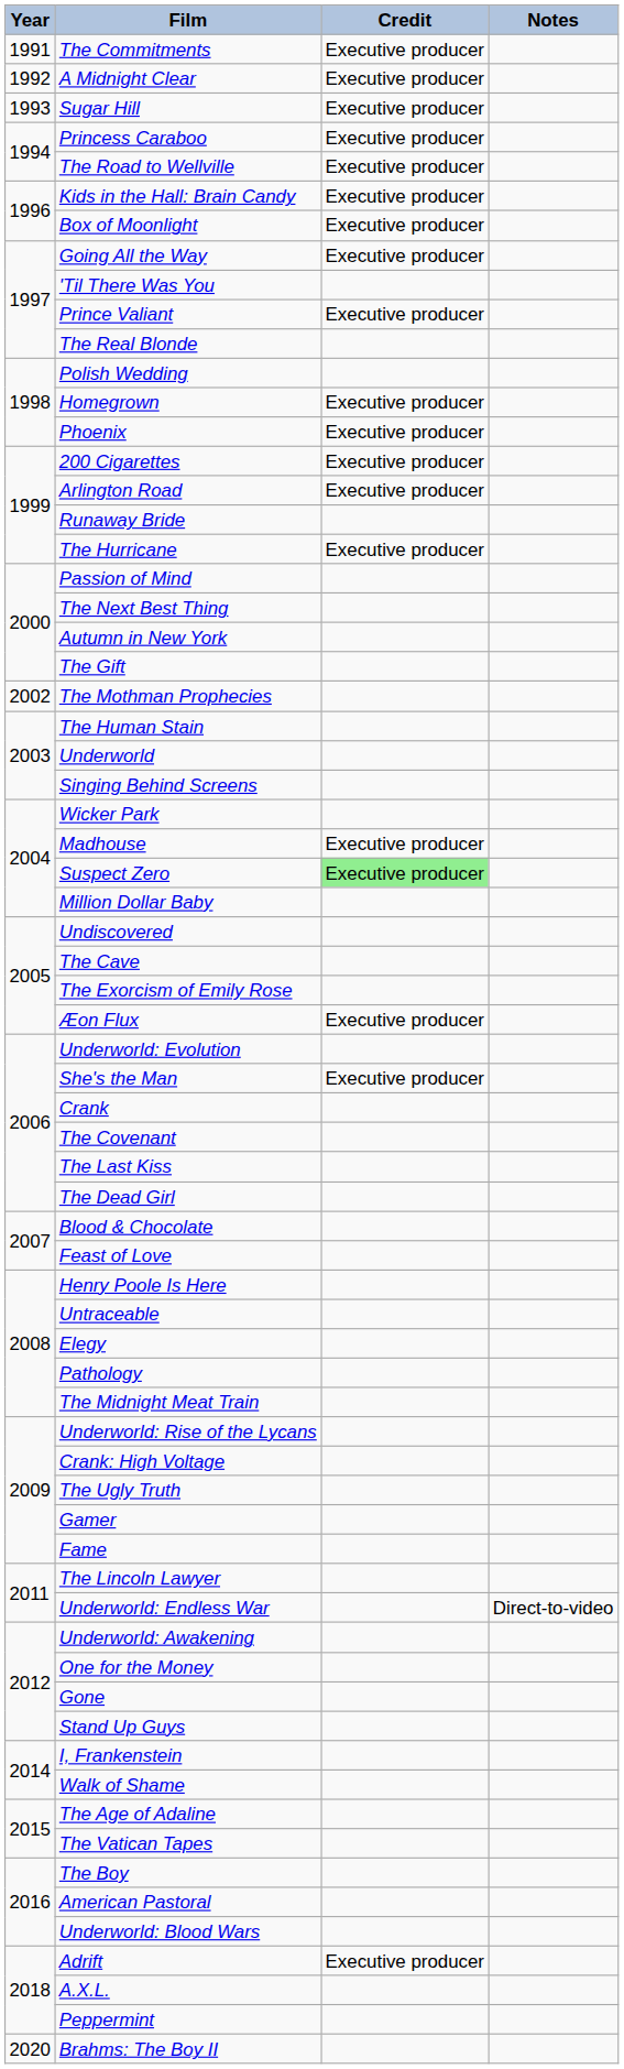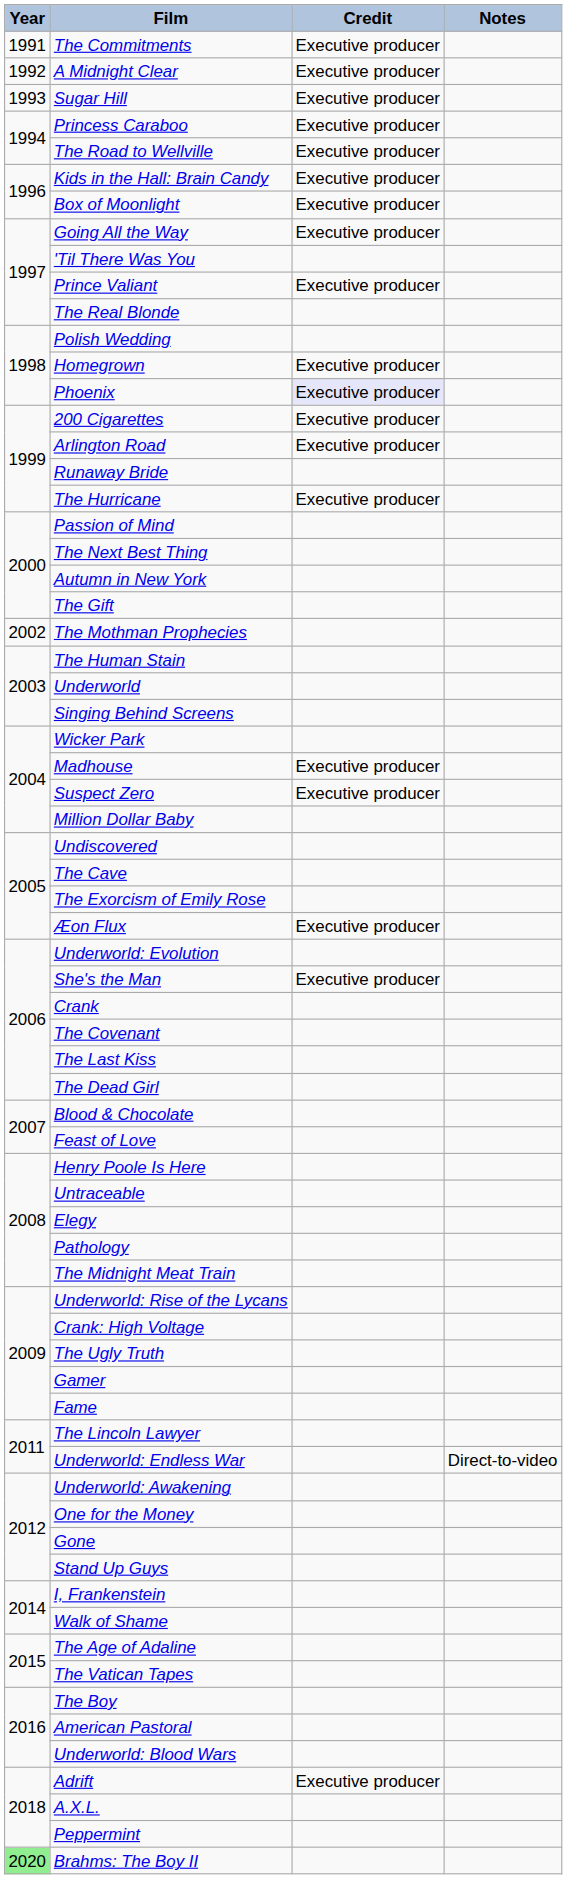 <table class="wikitable" style="font-size:95%;">
 <tr>
 <th style="background:#B0C4DE;">Year</th>
 <th style="background:#B0C4DE;">Film</th>
 <th style="background:#B0C4DE;">Credit</th>
 <th style="background:#B0C4DE;">Notes</th>
 </tr>
 <tr>
 <td>1991</td>
 <td><em><a href='#'>The Commitments</a></em></td>
 <td>Executive producer</td>
 <td></td>
 </tr>
 <tr>
 <td>1992</td>
 <td><em><a href='#'>A Midnight Clear</a></em></td>
 <td>Executive producer</td>
 <td></td>
 </tr>
 <tr>
 <td>1993</td>
 <td><em><a href='#'>Sugar Hill</a></em></td>
 <td>Executive producer</td>
 <td></td>
 </tr>
 <tr>
 <td rowspan=2>1994</td>
 <td><em><a href='#'>Princess Caraboo</a></em></td>
 <td>Executive producer</td>
 <td></td>
 </tr>
 <tr>
 <td><em><a href='#'>The Road to Wellville</a></em></td>
 <td>Executive producer</td>
 <td></td>
 </tr>
 <tr>
 <td rowspan=2>1996</td>
 <td><em><a href='#'>Kids in the Hall: Brain Candy</a></em></td>
 <td>Executive producer</td>
 <td></td>
 </tr>
 <tr>
 <td><em><a href='#'>Box of Moonlight</a></em></td>
 <td>Executive producer</td>
 <td></td>
 </tr>
 <tr>
 <td rowspan=4>1997</td>
 <td><em><a href='#'>Going All the Way</a></em></td>
 <td>Executive producer</td>
 <td></td>
 </tr>
 <tr>
 <td><em><a href='#'>'Til There Was You</a></em></td>
 <td></td>
 <td></td>
 </tr>
 <tr>
 <td><em><a href='#'>Prince Valiant</a></em></td>
 <td>Executive producer</td>
 <td></td>
 </tr>
 <tr>
 <td><em><a href='#'>The Real Blonde</a></em></td>
 <td></td>
 <td></td>
 </tr>
 <tr>
 <td rowspan=3>1998</td>
 <td><em><a href='#'>Polish Wedding</a></em></td>
 <td></td>
 <td></td>
 </tr>
 <tr>
 <td><em><a href='#'>Homegrown</a></em></td>
 <td>Executive producer</td>
 <td></td>
 </tr>
 <tr>
 <td><em><a href='#'>Phoenix</a></em></td>
-<td>Executive producer</td>
+<td style="background: lavender;">Executive producer</td>
 <td></td>
 </tr>
 <tr>
 <td rowspan=4>1999</td>
 <td><em><a href='#'>200 Cigarettes</a></em></td>
 <td>Executive producer</td>
 <td></td>
 </tr>
 <tr>
 <td><em><a href='#'>Arlington Road</a></em></td>
 <td>Executive producer</td>
 <td></td>
 </tr>
 <tr>
 <td><em><a href='#'>Runaway Bride</a></em></td>
 <td></td>
 <td></td>
 </tr>
 <tr>
 <td><em><a href='#'>The Hurricane</a></em></td>
 <td>Executive producer</td>
 <td></td>
 </tr>
 <tr>
 <td rowspan=4>2000</td>
 <td><em><a href='#'>Passion of Mind</a></em></td>
 <td></td>
 <td></td>
 </tr>
 <tr>
 <td><em><a href='#'>The Next Best Thing</a></em></td>
 <td></td>
 <td></td>
 </tr>
 <tr>
 <td><em><a href='#'>Autumn in New York</a></em></td>
 <td></td>
 <td></td>
 </tr>
 <tr>
 <td><em><a href='#'>The Gift</a></em></td>
 <td></td>
 <td></td>
 </tr>
 <tr>
 <td>2002</td>
 <td><em><a href='#'>The Mothman Prophecies</a></em></td>
 <td></td>
 <td></td>
 </tr>
 <tr>
 <td rowspan=3>2003</td>
 <td><em><a href='#'>The Human Stain</a></em></td>
 <td></td>
 <td></td>
 </tr>
 <tr>
 <td><em><a href='#'>Underworld</a></em></td>
 <td></td>
 <td></td>
 </tr>
 <tr>
 <td><em><a href='#'>Singing Behind Screens</a></em></td>
 <td></td>
 <td></td>
 </tr>
 <tr>
 <td rowspan=4>2004</td>
 <td><em><a href='#'>Wicker Park</a></em></td>
 <td></td>
 <td></td>
 </tr>
 <tr>
 <td><em><a href='#'>Madhouse</a></em></td>
 <td>Executive producer</td>
 <td></td>
 </tr>
 <tr>
 <td><em><a href='#'>Suspect Zero</a></em></td>
-<td style="background: lightgreen;">Executive producer</td>
+<td>Executive producer</td>
 <td></td>
 </tr>
 <tr>
 <td><em><a href='#'>Million Dollar Baby</a></em></td>
 <td></td>
 <td></td>
 </tr>
 <tr>
 <td rowspan=4>2005</td>
 <td><em><a href='#'>Undiscovered</a></em></td>
 <td></td>
 <td></td>
 </tr>
 <tr>
 <td><em><a href='#'>The Cave</a></em></td>
 <td></td>
 <td></td>
 </tr>
 <tr>
 <td><em><a href='#'>The Exorcism of Emily Rose</a></em></td>
 <td></td>
 <td></td>
 </tr>
 <tr>
 <td><em><a href='#'>Æon Flux</a></em></td>
 <td>Executive producer</td>
 <td></td>
 </tr>
 <tr>
 <td rowspan=6>2006</td>
 <td><em><a href='#'>Underworld: Evolution</a></em></td>
 <td></td>
 <td></td>
 </tr>
 <tr>
 <td><em><a href='#'>She's the Man</a></em></td>
 <td>Executive producer</td>
 <td></td>
 </tr>
 <tr>
 <td><em><a href='#'>Crank</a></em></td>
 <td></td>
 <td></td>
 </tr>
 <tr>
 <td><em><a href='#'>The Covenant</a></em></td>
 <td></td>
 <td></td>
 </tr>
 <tr>
 <td><em><a href='#'>The Last Kiss</a></em></td>
 <td></td>
 <td></td>
 </tr>
 <tr>
 <td><em><a href='#'>The Dead Girl</a></em></td>
 <td></td>
 <td></td>
 </tr>
 <tr>
 <td rowspan=2>2007</td>
 <td><em><a href='#'>Blood & Chocolate</a></em></td>
 <td></td>
 <td></td>
 </tr>
 <tr>
 <td><em><a href='#'>Feast of Love</a></em></td>
 <td></td>
 <td></td>
 </tr>
 <tr>
 <td rowspan=5>2008</td>
 <td><em><a href='#'>Henry Poole Is Here</a></em></td>
 <td></td>
 <td></td>
 </tr>
 <tr>
 <td><em><a href='#'>Untraceable</a></em></td>
 <td></td>
 <td></td>
 </tr>
 <tr>
 <td><em><a href='#'>Elegy</a></em></td>
 <td></td>
 <td></td>
 </tr>
 <tr>
 <td><em><a href='#'>Pathology</a></em></td>
 <td></td>
 <td></td>
 </tr>
 <tr>
 <td><em><a href='#'>The Midnight Meat Train</a></em></td>
 <td></td>
 <td></td>
 </tr>
 <tr>
 <td rowspan=5>2009</td>
 <td><em><a href='#'>Underworld: Rise of the Lycans</a></em></td>
 <td></td>
 <td></td>
 </tr>
 <tr>
 <td><em><a href='#'>Crank: High Voltage</a></em></td>
 <td></td>
 <td></td>
 </tr>
 <tr>
 <td><em><a href='#'>The Ugly Truth</a></em></td>
 <td></td>
 <td></td>
 </tr>
 <tr>
 <td><em><a href='#'>Gamer</a></em></td>
 <td></td>
 <td></td>
 </tr>
 <tr>
 <td><em><a href='#'>Fame</a></em></td>
 <td></td>
 <td></td>
 </tr>
 <tr>
 <td rowspan=2>2011</td>
 <td><em><a href='#'>The Lincoln Lawyer</a></em></td>
 <td></td>
 <td></td>
 </tr>
 <tr>
 <td><em><a href='#'>Underworld: Endless War</a></em></td>
 <td></td>
 <td>Direct-to-video</td>
 </tr>
 <tr>
 <td rowspan=4>2012</td>
 <td><em><a href='#'>Underworld: Awakening</a></em></td>
 <td></td>
 <td></td>
 </tr>
 <tr>
 <td><em><a href='#'>One for the Money</a></em></td>
 <td></td>
 <td></td>
 </tr>
 <tr>
 <td><em><a href='#'>Gone</a></em></td>
 <td></td>
 <td></td>
 </tr>
 <tr>
 <td><em><a href='#'>Stand Up Guys</a></em></td>
 <td></td>
 <td></td>
 </tr>
 <tr>
 <td rowspan=2>2014</td>
 <td><em><a href='#'>I, Frankenstein</a></em></td>
 <td></td>
 <td></td>
 </tr>
 <tr>
 <td><em><a href='#'>Walk of Shame</a></em></td>
 <td></td>
 <td></td>
 </tr>
 <tr>
 <td rowspan=2>2015</td>
 <td><em><a href='#'>The Age of Adaline</a></em></td>
 <td></td>
 <td></td>
 </tr>
 <tr>
 <td><em><a href='#'>The Vatican Tapes</a></em></td>
 <td></td>
 <td></td>
 </tr>
 <tr>
 <td rowspan=3>2016</td>
 <td><em><a href='#'>The Boy</a></em></td>
 <td></td>
 <td></td>
 </tr>
 <tr>
 <td><em><a href='#'>American Pastoral</a></em></td>
 <td></td>
 <td></td>
 </tr>
 <tr>
 <td><em><a href='#'>Underworld: Blood Wars</a></em></td>
 <td></td>
 <td></td>
 </tr>
 <tr>
 <td rowspan=3>2018</td>
 <td><em><a href='#'>Adrift</a></em></td>
 <td>Executive producer</td>
 <td></td>
 </tr>
 <tr>
 <td><em><a href='#'>A.X.L.</a></em></td>
 <td></td>
 <td></td>
 </tr>
 <tr>
 <td><em><a href='#'>Peppermint</a></em></td>
 <td></td>
 <td></td>
 </tr>
 <tr>
-<td>2020</td>
+<td style="background: lightgreen;">2020</td>
 <td><em><a href='#'>Brahms: The Boy II</a></em></td>
 <td></td>
 <td></td>
 </tr>
 </table>
